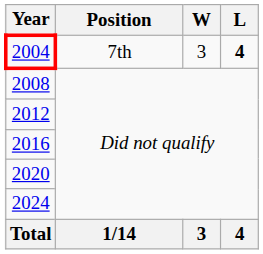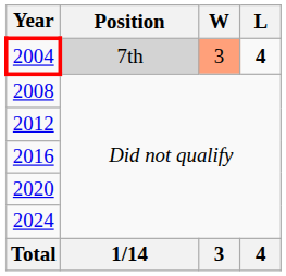 <table class="wikitable" style="text-align: center;">
 <tr>
 <th>Year</th>
 <th width="100">Position</th>
 <th width="25">W</th>
 <th width="25">L</th>
 </tr>
 <tr>
 <td style="border: 3px solid red"> <a href='#'>2004</a></td>
-<td>7th</td>
-<td>3</td>
+<td style="background: lightgrey;">7th</td>
+<td style="background: lightsalmon;">3</td>
 <td><strong>4</strong></td>
 </tr>
 <tr>
 <td> <a href='#'>2008</a></td>
 <td colspan=3 rowspan=5><em>Did not qualify</em></td>
 </tr>
 <tr>
 <td> <a href='#'>2012</a></td>
 </tr>
 <tr>
 <td> <a href='#'>2016</a></td>
 </tr>
 <tr>
 <td> <a href='#'>2020</a></td>
 </tr>
 <tr>
 <td> <a href='#'>2024</a></td>
 </tr>
 <tr>
 <th>Total</th>
 <th>1/14</th>
 <th>3</th>
 <th>4</th>
 </tr>
 </table>
